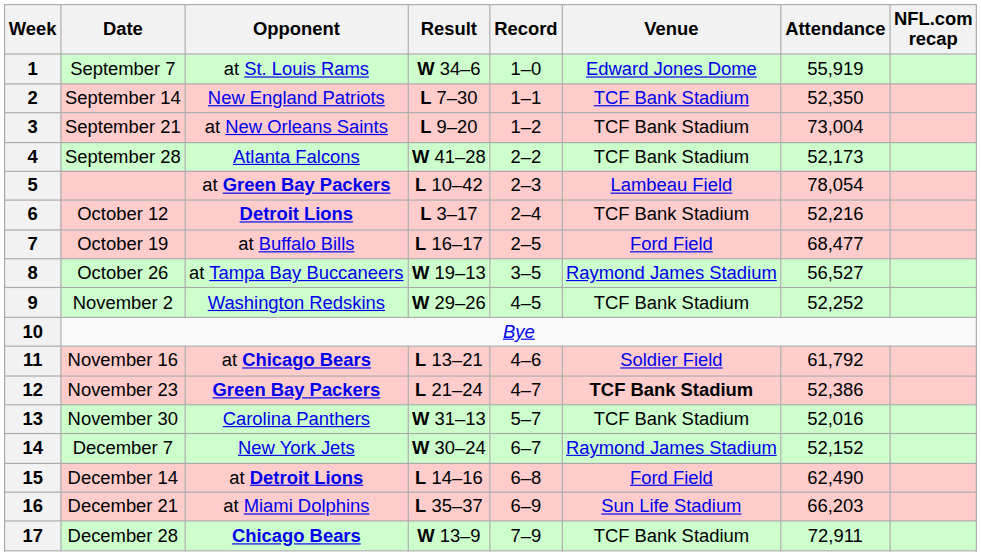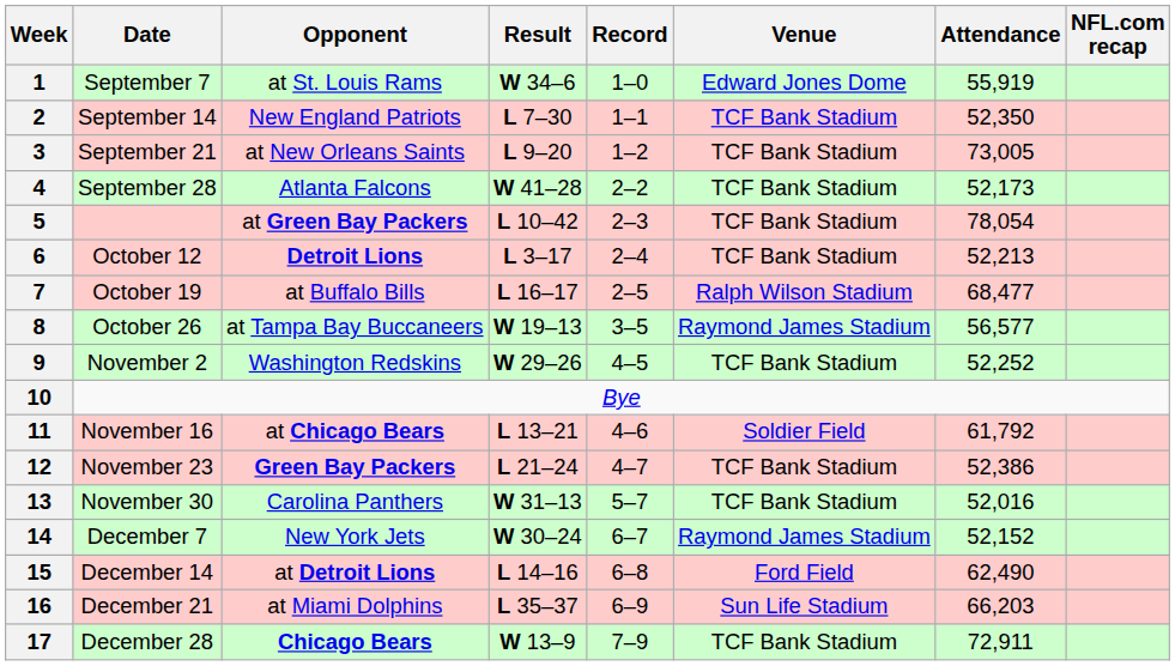 <table class="wikitable" style="text-align:center">
 <tr>
 <th>Week</th>
 <th>Date</th>
 <th>Opponent</th>
 <th>Result</th>
 <th>Record</th>
 <th>Venue</th>
 <th>Attendance</th>
 <th>NFL.com<br>recap</th>
 </tr>
 <tr style="background:#cfc">
 <th>1</th>
 <td>September 7</td>
 <td>at <a href='#'>St. Louis Rams</a></td>
 <td><strong>W</strong> 34–6</td>
 <td>1–0</td>
 <td><a href='#'>Edward Jones Dome</a></td>
 <td>55,919</td>
 <td></td>
 </tr>
 <tr style="background:#fcc">
 <th>2</th>
 <td>September 14</td>
 <td><a href='#'>New England Patriots</a></td>
 <td><strong>L</strong> 7–30</td>
 <td>1–1</td>
 <td><a href='#'>TCF Bank Stadium</a></td>
 <td>52,350</td>
 <td></td>
 </tr>
 <tr style="background:#fcc">
 <th>3</th>
 <td>September 21</td>
 <td>at <a href='#'>New Orleans Saints</a></td>
 <td><strong>L</strong> 9–20</td>
 <td>1–2</td>
 <td>TCF Bank Stadium</td>
-<td>73,004</td>
+<td>73,005</td>
 <td></td>
 </tr>
 <tr style="background:#cfc">
 <th>4</th>
 <td>September 28</td>
 <td><a href='#'>Atlanta Falcons</a></td>
 <td><strong>W</strong> 41–28</td>
 <td>2–2</td>
 <td>TCF Bank Stadium</td>
 <td>52,173</td>
 <td></td>
 </tr>
 <tr style="background:#fcc">
 <th>5</th>
 <td></td>
 <td>at <strong><a href='#'>Green Bay Packers</a></strong></td>
 <td><strong>L</strong> 10–42</td>
 <td>2–3</td>
-<td><a href='#'>Lambeau Field</a></td>
+<td>TCF Bank Stadium</td>
 <td>78,054</td>
 <td></td>
 </tr>
 <tr style="background:#fcc">
 <th>6</th>
 <td>October 12</td>
 <td><strong><a href='#'>Detroit Lions</a></strong></td>
 <td><strong>L</strong> 3–17</td>
 <td>2–4</td>
 <td>TCF Bank Stadium</td>
-<td>52,216</td>
+<td>52,213</td>
 <td></td>
 </tr>
 <tr style="background:#fcc">
 <th>7</th>
 <td>October 19</td>
 <td>at <a href='#'>Buffalo Bills</a></td>
 <td><strong>L</strong> 16–17</td>
 <td>2–5</td>
-<td><a href='#'>Ford Field</a></td>
+<td><a href='#'>Ralph Wilson Stadium</a></td>
 <td>68,477</td>
 <td></td>
 </tr>
 <tr style="background:#cfc">
 <th>8</th>
 <td>October 26</td>
 <td>at <a href='#'>Tampa Bay Buccaneers</a></td>
 <td><strong>W</strong> 19–13 </td>
 <td>3–5</td>
 <td><a href='#'>Raymond James Stadium</a></td>
-<td>56,527</td>
+<td>56,577</td>
 <td></td>
 </tr>
 <tr style="background:#cfc">
 <th>9</th>
 <td>November 2</td>
 <td><a href='#'>Washington Redskins</a></td>
 <td><strong>W</strong> 29–26</td>
 <td>4–5</td>
 <td>TCF Bank Stadium</td>
 <td>52,252</td>
 <td></td>
 </tr>
 <tr>
 <th>10</th>
 <td colspan="7"><em><a href='#'>Bye</a></em></td>
 </tr>
 <tr style="background:#fcc">
 <th>11</th>
 <td>November 16</td>
 <td>at <strong><a href='#'>Chicago Bears</a></strong></td>
 <td><strong>L</strong> 13–21</td>
 <td>4–6</td>
 <td><a href='#'>Soldier Field</a></td>
 <td>61,792</td>
 <td></td>
 </tr>
 <tr style="background:#fcc">
 <th>12</th>
 <td>November 23</td>
 <td><strong><a href='#'>Green Bay Packers</a></strong></td>
 <td><strong>L</strong> 21–24</td>
 <td>4–7</td>
-<td><strong>TCF Bank Stadium</strong></td>
+<td>TCF Bank Stadium</td>
 <td>52,386</td>
 <td></td>
 </tr>
 <tr style="background:#cfc">
 <th>13</th>
 <td>November 30</td>
 <td><a href='#'>Carolina Panthers</a></td>
 <td><strong>W</strong> 31–13</td>
 <td>5–7</td>
 <td>TCF Bank Stadium</td>
 <td>52,016</td>
 <td></td>
 </tr>
 <tr style="background:#cfc">
 <th>14</th>
 <td>December 7</td>
 <td><a href='#'>New York Jets</a></td>
 <td><strong>W</strong> 30–24 </td>
 <td>6–7</td>
 <td><a href='#'>Raymond James Stadium</a></td>
 <td>52,152</td>
 <td></td>
 </tr>
 <tr style="background:#fcc">
 <th>15</th>
 <td>December 14</td>
 <td>at <strong><a href='#'>Detroit Lions</a></strong></td>
 <td><strong>L</strong> 14–16</td>
 <td>6–8</td>
 <td><a href='#'>Ford Field</a></td>
 <td>62,490</td>
 <td></td>
 </tr>
 <tr style="background:#fcc">
 <th>16</th>
 <td>December 21</td>
 <td>at <a href='#'>Miami Dolphins</a></td>
 <td><strong>L</strong> 35–37</td>
 <td>6–9</td>
 <td><a href='#'>Sun Life Stadium</a></td>
 <td>66,203</td>
 <td></td>
 </tr>
 <tr style="background:#cfc">
 <th>17</th>
 <td>December 28</td>
 <td><strong><a href='#'>Chicago Bears</a></strong></td>
 <td><strong>W</strong> 13–9</td>
 <td>7–9</td>
 <td>TCF Bank Stadium</td>
 <td>72,911</td>
 <td></td>
 </tr>
 </table>
